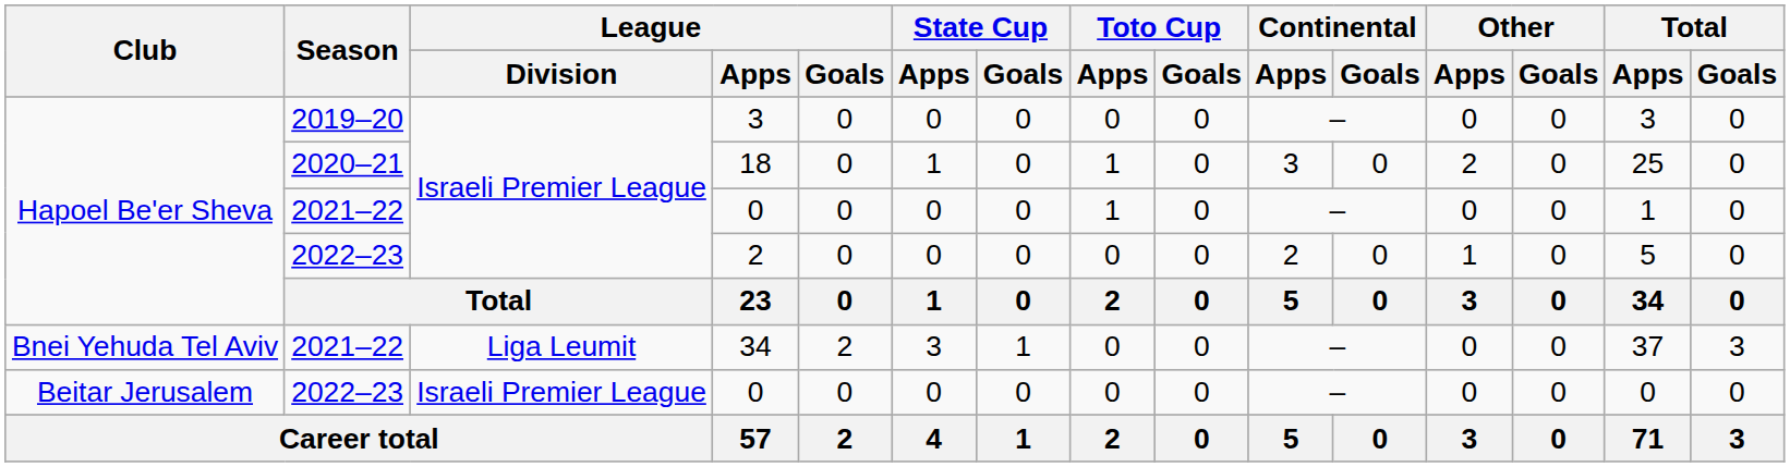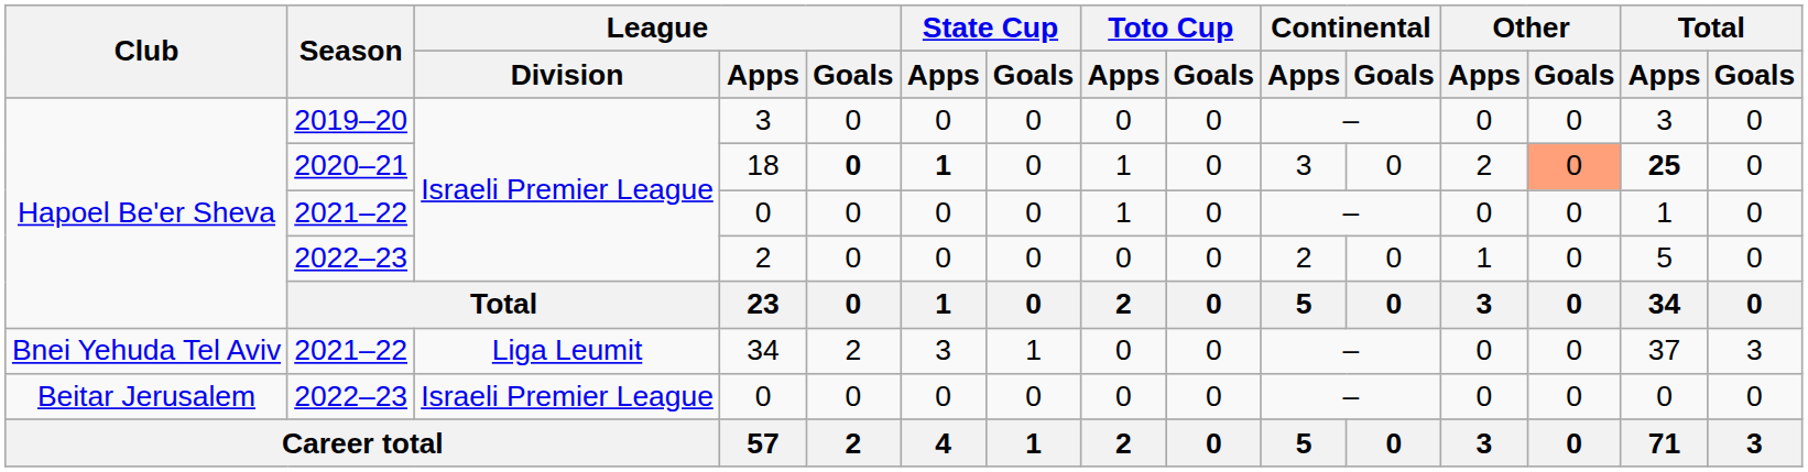 <table class="wikitable" style="text-align: center">
 <tr>
 <th rowspan="2">Club</th>
 <th rowspan="2">Season</th>
 <th colspan="3">League</th>
 <th colspan="2"><a href='#'>State Cup</a></th>
 <th colspan="2"><a href='#'>Toto Cup</a></th>
 <th colspan="2">Continental</th>
 <th colspan="2">Other</th>
 <th colspan="2">Total</th>
 </tr>
 <tr>
 <th>Division</th>
 <th>Apps</th>
 <th>Goals</th>
 <th>Apps</th>
 <th>Goals</th>
 <th>Apps</th>
 <th>Goals</th>
 <th>Apps</th>
 <th>Goals</th>
 <th>Apps</th>
 <th>Goals</th>
 <th>Apps</th>
 <th>Goals</th>
 </tr>
 <tr>
 <td rowspan="5"><a href='#'>Hapoel Be'er Sheva</a></td>
 <td><a href='#'>2019–20</a></td>
 <td rowspan="4"><a href='#'>Israeli Premier League</a></td>
 <td>3</td>
 <td>0</td>
 <td>0</td>
 <td>0</td>
 <td>0</td>
 <td>0</td>
 <td colspan="2">–</td>
 <td>0</td>
 <td>0</td>
 <td>3</td>
 <td>0</td>
 </tr>
 <tr>
 <td><a href='#'>2020–21</a></td>
 <td>18</td>
-<td>0</td>
-<td>1</td>
+<td><strong>0</strong></td>
+<td><strong>1</strong></td>
 <td>0</td>
 <td>1</td>
 <td>0</td>
 <td>3</td>
 <td>0</td>
 <td>2</td>
-<td>0</td>
-<td>25</td>
+<td style="background: lightsalmon;">0</td>
+<td><strong>25</strong></td>
 <td>0</td>
 </tr>
 <tr>
 <td><a href='#'>2021–22</a></td>
 <td>0</td>
 <td>0</td>
 <td>0</td>
 <td>0</td>
 <td>1</td>
 <td>0</td>
 <td colspan="2">–</td>
 <td>0</td>
 <td>0</td>
 <td>1</td>
 <td>0</td>
 </tr>
 <tr>
 <td><a href='#'>2022–23</a></td>
 <td>2</td>
 <td>0</td>
 <td>0</td>
 <td>0</td>
 <td>0</td>
 <td>0</td>
 <td>2</td>
 <td>0</td>
 <td>1</td>
 <td>0</td>
 <td>5</td>
 <td>0</td>
 </tr>
 <tr>
 <th colspan="2"><strong>Total</strong></th>
 <th>23</th>
 <th>0</th>
 <th>1</th>
 <th>0</th>
 <th>2</th>
 <th>0</th>
 <th>5</th>
 <th>0</th>
 <th>3</th>
 <th>0</th>
 <th>34</th>
 <th>0</th>
 </tr>
 <tr>
 <td><a href='#'>Bnei Yehuda Tel Aviv</a></td>
 <td><a href='#'>2021–22</a></td>
 <td rowspan="1"><a href='#'>Liga Leumit</a></td>
 <td>34</td>
 <td>2</td>
 <td>3</td>
 <td>1</td>
 <td>0</td>
 <td>0</td>
 <td colspan="2">–</td>
 <td>0</td>
 <td>0</td>
 <td>37</td>
 <td>3</td>
 </tr>
 <tr>
 <td><a href='#'>Beitar Jerusalem</a></td>
 <td><a href='#'>2022–23</a></td>
 <td rowspan="1"><a href='#'>Israeli Premier League</a></td>
 <td>0</td>
 <td>0</td>
 <td>0</td>
 <td>0</td>
 <td>0</td>
 <td>0</td>
 <td colspan="2">–</td>
 <td>0</td>
 <td>0</td>
 <td>0</td>
 <td>0</td>
 </tr>
 <tr>
 <th colspan="3"><strong>Career total</strong></th>
 <th>57</th>
 <th>2</th>
 <th>4</th>
 <th>1</th>
 <th>2</th>
 <th>0</th>
 <th>5</th>
 <th>0</th>
 <th>3</th>
 <th>0</th>
 <th>71</th>
 <th>3</th>
 </tr>
 </table>
